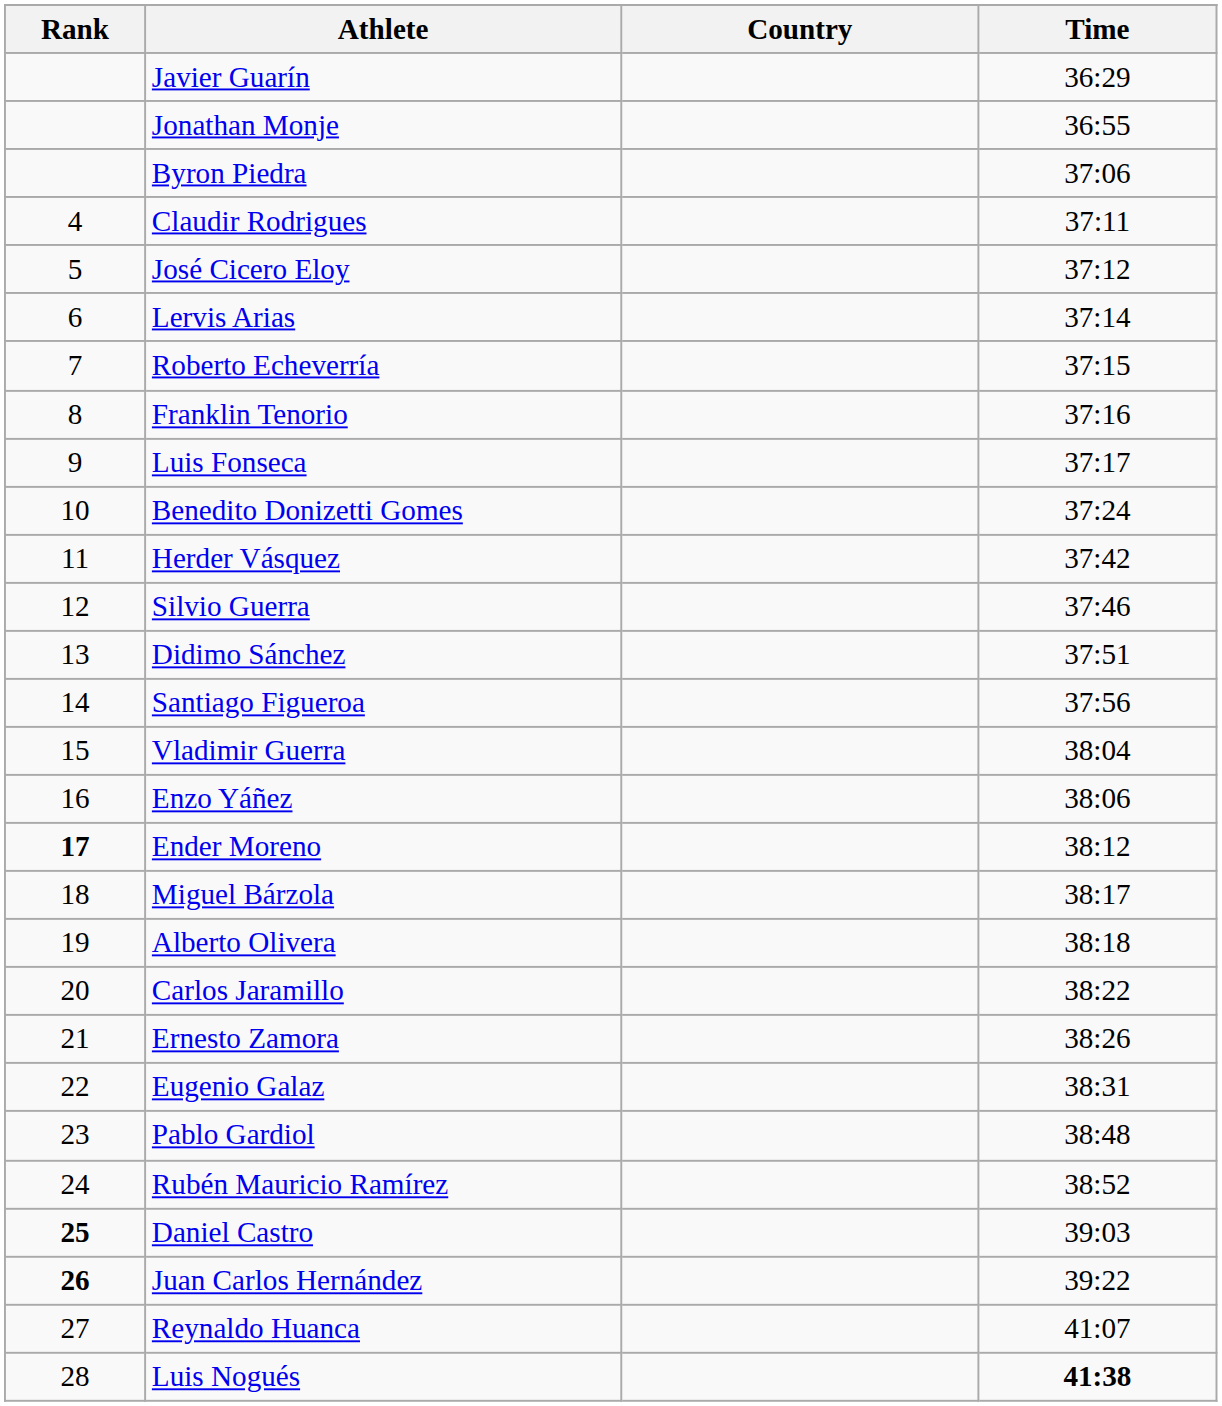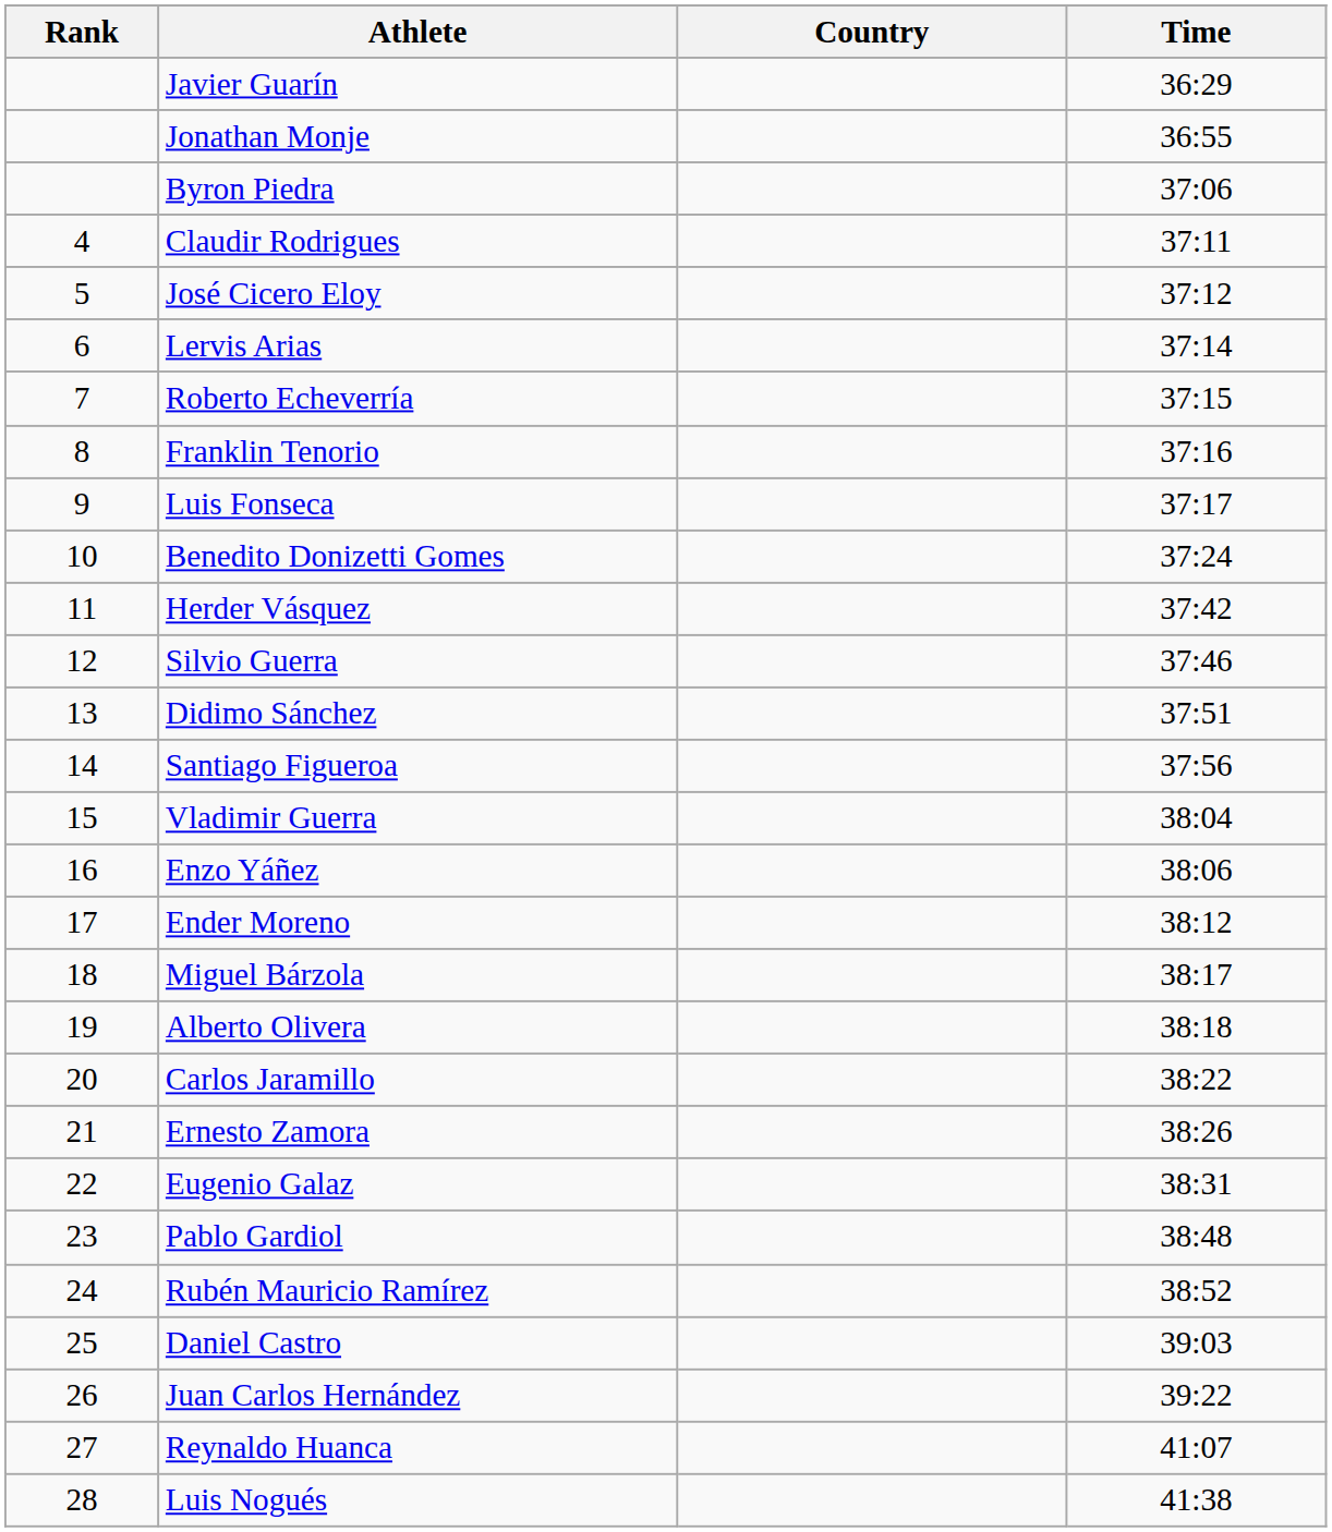 <table class="wikitable sortable" style=" text-align:center; font-size:95%;" width="50%">
 <tr>
 </tr>
 <tr>
 <th width=5%>Rank</th>
 <th width=20%>Athlete</th>
 <th width=15%>Country</th>
 <th width=10%>Time</th>
 </tr>
 <tr>
 <td align=center></td>
 <td align=left><a href='#'>Javier Guarín</a></td>
 <td align=left></td>
 <td>36:29</td>
 </tr>
 <tr>
 <td align=center></td>
 <td align=left><a href='#'>Jonathan Monje</a></td>
 <td align=left></td>
 <td>36:55</td>
 </tr>
 <tr>
 <td align=center></td>
 <td align=left><a href='#'>Byron Piedra</a></td>
 <td align=left></td>
 <td>37:06</td>
 </tr>
 <tr>
 <td align=center>4</td>
 <td align=left><a href='#'>Claudir Rodrigues</a></td>
 <td align=left></td>
 <td>37:11</td>
 </tr>
 <tr>
 <td align=center>5</td>
 <td align=left><a href='#'>José Cicero Eloy</a></td>
 <td align=left></td>
 <td>37:12</td>
 </tr>
 <tr>
 <td align=center>6</td>
 <td align=left><a href='#'>Lervis Arias</a></td>
 <td align=left></td>
 <td>37:14</td>
 </tr>
 <tr>
 <td align=center>7</td>
 <td align=left><a href='#'>Roberto Echeverría</a></td>
 <td align=left></td>
 <td>37:15</td>
 </tr>
 <tr>
 <td align=center>8</td>
 <td align=left><a href='#'>Franklin Tenorio</a></td>
 <td align=left></td>
 <td>37:16</td>
 </tr>
 <tr>
 <td align=center>9</td>
 <td align=left><a href='#'>Luis Fonseca</a></td>
 <td align=left></td>
 <td>37:17</td>
 </tr>
 <tr>
 <td align=center>10</td>
 <td align=left><a href='#'>Benedito Donizetti Gomes</a></td>
 <td align=left></td>
 <td>37:24</td>
 </tr>
 <tr>
 <td align=center>11</td>
 <td align=left><a href='#'>Herder Vásquez</a></td>
 <td align=left></td>
 <td>37:42</td>
 </tr>
 <tr>
 <td align=center>12</td>
 <td align=left><a href='#'>Silvio Guerra</a></td>
 <td align=left></td>
 <td>37:46</td>
 </tr>
 <tr>
 <td align=center>13</td>
 <td align=left><a href='#'>Didimo Sánchez</a></td>
 <td align=left></td>
 <td>37:51</td>
 </tr>
 <tr>
 <td align=center>14</td>
 <td align=left><a href='#'>Santiago Figueroa</a></td>
 <td align=left></td>
 <td>37:56</td>
 </tr>
 <tr>
 <td align=center>15</td>
 <td align=left><a href='#'>Vladimir Guerra</a></td>
 <td align=left></td>
 <td>38:04</td>
 </tr>
 <tr>
 <td align=center>16</td>
 <td align=left><a href='#'>Enzo Yáñez</a></td>
 <td align=left></td>
 <td>38:06</td>
 </tr>
 <tr>
-<td align=center><strong>17</strong></td>
+<td align=center>17</td>
 <td align=left><a href='#'>Ender Moreno</a></td>
 <td align=left></td>
 <td>38:12</td>
 </tr>
 <tr>
 <td align=center>18</td>
 <td align=left><a href='#'>Miguel Bárzola</a></td>
 <td align=left></td>
 <td>38:17</td>
 </tr>
 <tr>
 <td align=center>19</td>
 <td align=left><a href='#'>Alberto Olivera</a></td>
 <td align=left></td>
 <td>38:18</td>
 </tr>
 <tr>
 <td align=center>20</td>
 <td align=left><a href='#'>Carlos Jaramillo</a></td>
 <td align=left></td>
 <td>38:22</td>
 </tr>
 <tr>
 <td align=center>21</td>
 <td align=left><a href='#'>Ernesto Zamora</a></td>
 <td align=left></td>
 <td>38:26</td>
 </tr>
 <tr>
 <td align=center>22</td>
 <td align=left><a href='#'>Eugenio Galaz</a></td>
 <td align=left></td>
 <td>38:31</td>
 </tr>
 <tr>
 <td align=center>23</td>
 <td align=left><a href='#'>Pablo Gardiol</a></td>
 <td align=left></td>
 <td>38:48</td>
 </tr>
 <tr>
 <td align=center>24</td>
 <td align=left><a href='#'>Rubén Mauricio Ramírez</a></td>
 <td align=left></td>
 <td>38:52</td>
 </tr>
 <tr>
-<td align=center><strong>25</strong></td>
+<td align=center>25</td>
 <td align=left><a href='#'>Daniel Castro</a></td>
 <td align=left></td>
 <td>39:03</td>
 </tr>
 <tr>
-<td align=center><strong>26</strong></td>
+<td align=center>26</td>
 <td align=left><a href='#'>Juan Carlos Hernández</a></td>
 <td align=left></td>
 <td>39:22</td>
 </tr>
 <tr>
 <td align=center>27</td>
 <td align=left><a href='#'>Reynaldo Huanca</a></td>
 <td align=left></td>
 <td>41:07</td>
 </tr>
 <tr>
 <td align=center>28</td>
 <td align=left><a href='#'>Luis Nogués</a></td>
 <td align=left></td>
-<td><strong>41:38</strong></td>
+<td>41:38</td>
 </tr>
 </table>
